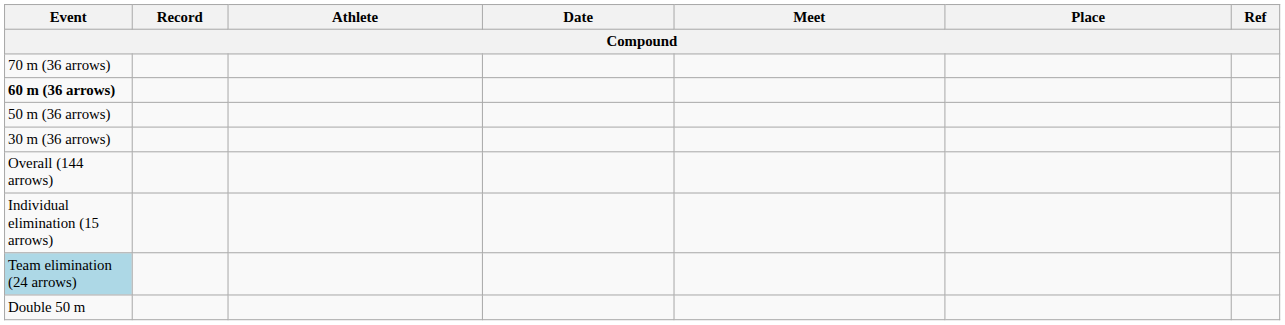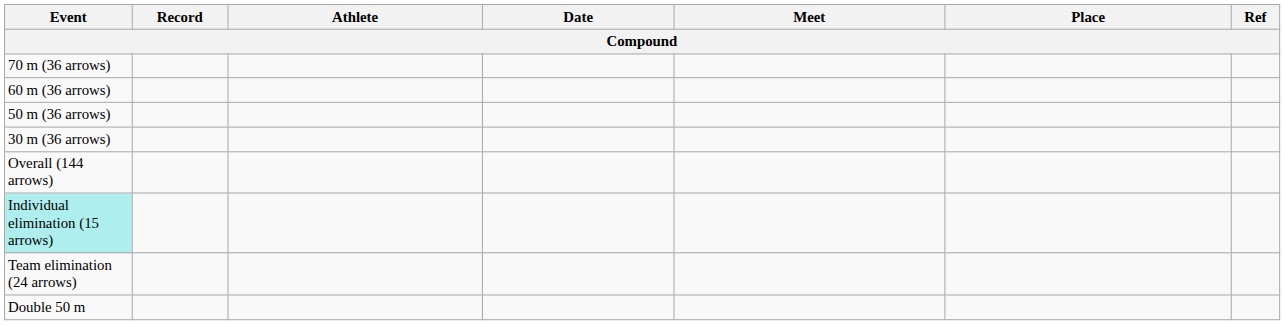 <table class="wikitable" style="font-size:90%; width: 98%;">
 <tr>
 <th width=8%>Event</th>
 <th width=6%>Record</th>
 <th width=16%>Athlete</th>
 <th width=12%>Date</th>
 <th width=17%>Meet</th>
 <th width=18%>Place</th>
 <th width=3%>Ref</th>
 </tr>
 <tr bgcolor="#DDDDDD">
 <th colspan="8">Compound</th>
 </tr>
 <tr>
 <td>70 m (36 arrows)</td>
 <td align=center></td>
 <td></td>
 <td></td>
 <td></td>
 <td></td>
 <td></td>
 </tr>
 <tr>
-<td><strong>60 m (36 arrows)</strong></td>
+<td>60 m (36 arrows)</td>
 <td align=center></td>
 <td></td>
 <td></td>
 <td></td>
 <td></td>
 <td></td>
 </tr>
 <tr>
 <td>50 m (36 arrows)</td>
 <td align=center></td>
 <td></td>
 <td></td>
 <td></td>
 <td></td>
 <td></td>
 </tr>
 <tr>
 <td>30 m (36 arrows)</td>
 <td align=center></td>
 <td></td>
 <td></td>
 <td></td>
 <td></td>
 <td></td>
 </tr>
 <tr>
 <td>Overall (144 arrows)</td>
 <td align=center></td>
 <td></td>
 <td></td>
 <td></td>
 <td></td>
 <td></td>
 </tr>
 <tr>
-<td>Individual elimination (15 arrows)</td>
+<td style="background: paleturquoise;">Individual elimination (15 arrows)</td>
 <td align=center></td>
 <td></td>
 <td></td>
 <td></td>
 <td></td>
 <td></td>
 </tr>
 <tr>
-<td style="background: lightblue;">Team elimination (24 arrows)</td>
+<td>Team elimination (24 arrows)</td>
 <td align=center></td>
 <td></td>
 <td></td>
 <td></td>
 <td></td>
 <td></td>
 </tr>
 <tr>
 <td>Double 50 m</td>
 <td align=center></td>
 <td></td>
 <td></td>
 <td></td>
 <td></td>
 <td></td>
 </tr>
 </table>
